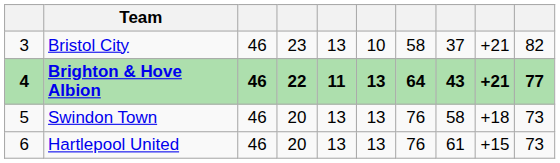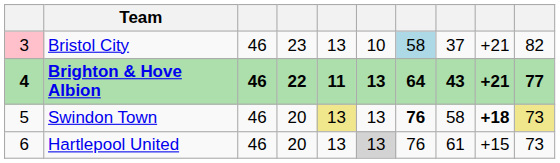 <table class="wikitable" style="text-align:center">
 <tr>
 <th width="30"></th>
 <th width="175">Team</th>
 <th width="30"></th>
 <th width="30"></th>
 <th width="30"></th>
 <th width="30"></th>
 <th width="30"></th>
 <th width="30"></th>
 <th width="30"></th>
 <th width="30"></th>
 </tr>
 <tr>
-<td>3</td>
+<td style="background: pink;">3</td>
 <td align=left><a href='#'>Bristol City</a></td>
 <td>46</td>
 <td>23</td>
 <td>13</td>
 <td>10</td>
-<td>58</td>
+<td style="background: lightblue;">58</td>
 <td>37</td>
 <td>+21</td>
 <td>82</td>
 </tr>
 <tr bgcolor=#ADDFAD>
 <td><strong>4</strong></td>
 <td align=left><strong><a href='#'>Brighton & Hove Albion</a></strong></td>
 <td><strong>46</strong></td>
 <td><strong>22</strong></td>
 <td><strong>11</strong></td>
 <td><strong>13</strong></td>
 <td><strong>64</strong></td>
 <td><strong>43</strong></td>
 <td><strong>+21</strong></td>
 <td><strong>77</strong></td>
 </tr>
 <tr>
 <td>5</td>
 <td align=left><a href='#'>Swindon Town</a></td>
 <td>46</td>
 <td>20</td>
+<td style="background: khaki;">13</td>
 <td>13</td>
-<td>13</td>
-<td>76</td>
+<td><strong>76</strong></td>
 <td>58</td>
-<td>+18</td>
-<td>73</td>
+<td><strong>+18</strong></td>
+<td style="background: khaki;">73</td>
 </tr>
 <tr>
 <td>6</td>
 <td align=left><a href='#'>Hartlepool United</a></td>
 <td>46</td>
 <td>20</td>
 <td>13</td>
-<td>13</td>
+<td style="background: lightgrey;">13</td>
 <td>76</td>
 <td>61</td>
 <td>+15</td>
 <td>73</td>
 </tr>
 </table>
